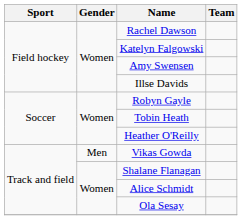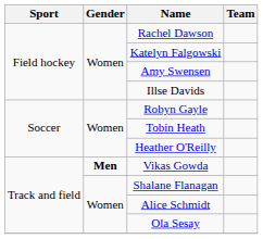 <table class="wikitable" style="text-align: center;">
 <tr>
 <th>Sport</th>
 <th>Gender</th>
 <th>Name</th>
 <th>Team</th>
 </tr>
 <tr>
 <td rowspan="4">Field hockey</td>
 <td rowspan="4">Women</td>
 <td><a href='#'>Rachel Dawson</a></td>
 <td></td>
 </tr>
 <tr>
 <td><a href='#'>Katelyn Falgowski</a></td>
 <td></td>
 </tr>
 <tr>
 <td><a href='#'>Amy Swensen</a></td>
 <td></td>
 </tr>
 <tr>
 <td>Illse Davids</td>
 <td></td>
 </tr>
 <tr>
 <td rowspan="3">Soccer</td>
 <td rowspan="3">Women</td>
 <td><a href='#'>Robyn Gayle</a></td>
 <td></td>
 </tr>
 <tr>
 <td><a href='#'>Tobin Heath</a></td>
 <td></td>
 </tr>
 <tr>
 <td><a href='#'>Heather O'Reilly</a></td>
 <td></td>
 </tr>
 <tr>
 <td rowspan="4">Track and field</td>
-<td rowspan="1">Men</td>
+<td rowspan="1"><strong>Men</strong></td>
 <td><a href='#'>Vikas Gowda</a></td>
 <td></td>
 </tr>
 <tr>
 <td rowspan="3">Women</td>
 <td><a href='#'>Shalane Flanagan</a></td>
 <td></td>
 </tr>
 <tr>
 <td><a href='#'>Alice Schmidt</a></td>
 <td></td>
 </tr>
 <tr>
 <td><a href='#'>Ola Sesay</a></td>
 <td></td>
 </tr>
 <tr>
 </tr>
 </table>
